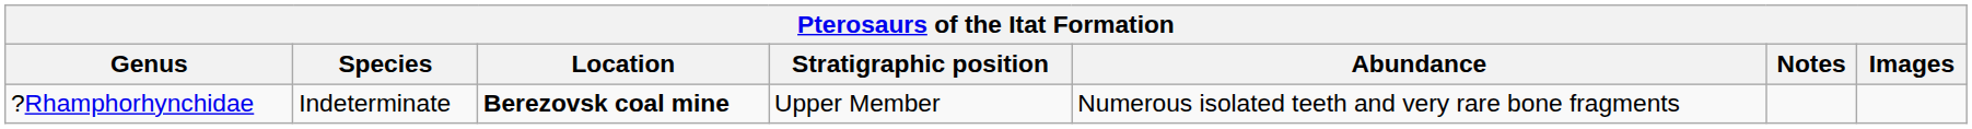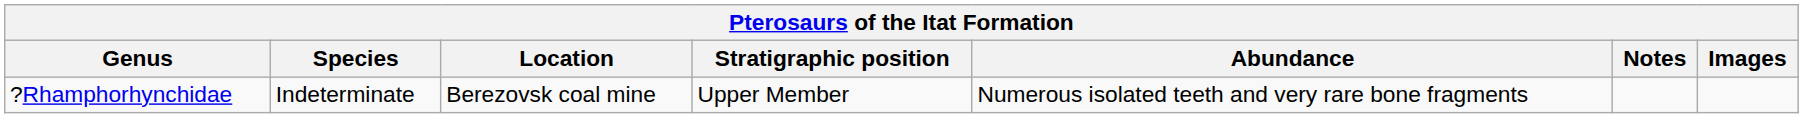 <table class="wikitable" align="center" width="100%">
 <tr>
 <th colspan="7" align="center"><a href='#'>Pterosaurs</a> of the Itat Formation</th>
 </tr>
 <tr>
 <th>Genus</th>
 <th>Species</th>
 <th>Location</th>
 <th>Stratigraphic position</th>
 <th>Abundance</th>
 <th>Notes</th>
 <th>Images</th>
 </tr>
 <tr>
 <td>?<a href='#'>Rhamphorhynchidae</a></td>
 <td>Indeterminate</td>
-<td><strong>Berezovsk coal mine</strong></td>
+<td>Berezovsk coal mine</td>
 <td>Upper Member</td>
 <td>Numerous isolated teeth and very rare bone fragments</td>
 <td></td>
 <td></td>
 </tr>
 </table>
